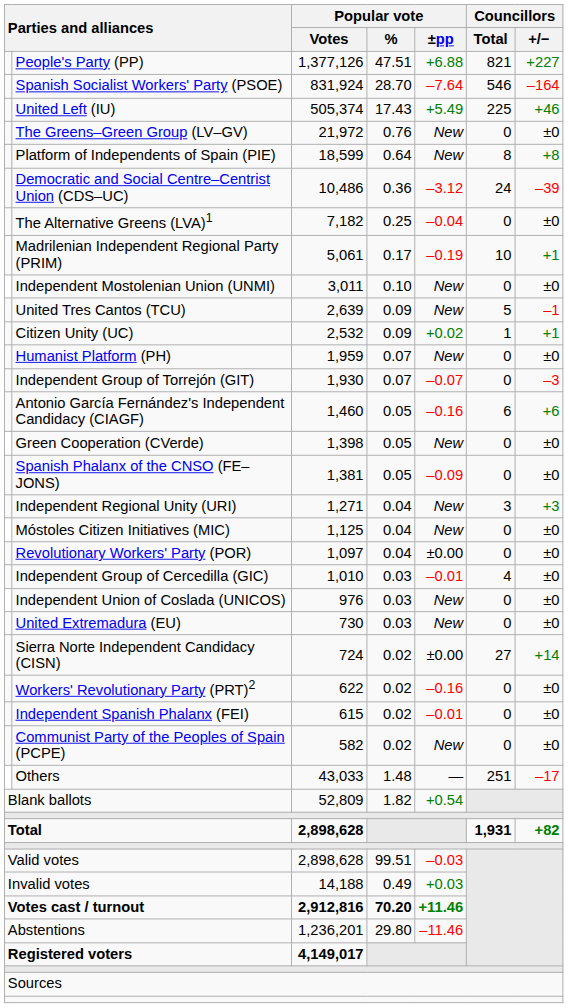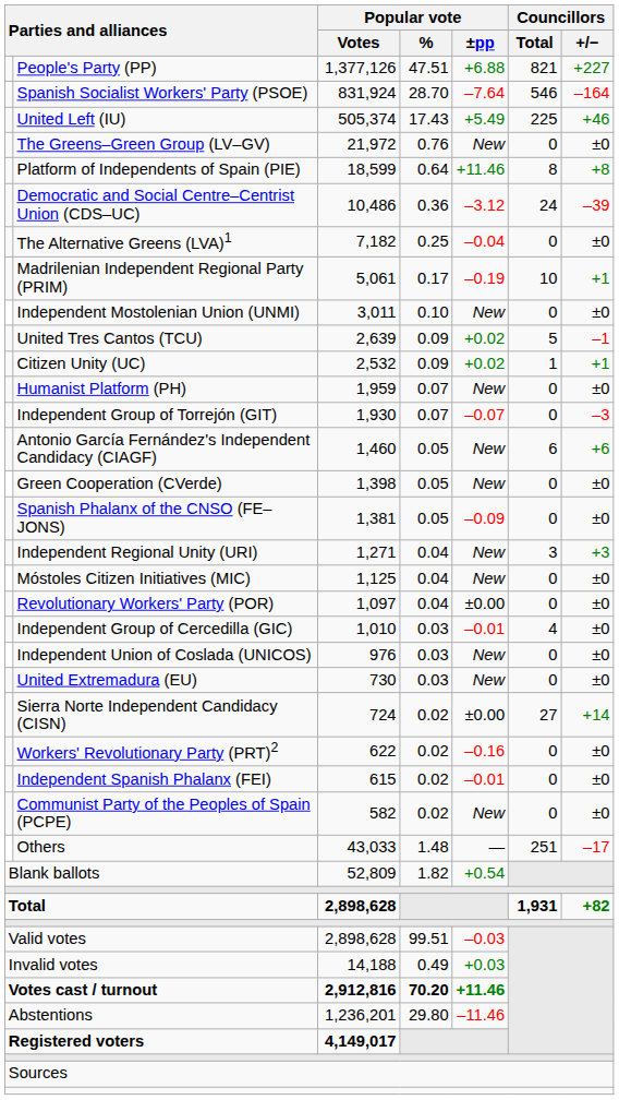 <table class="wikitable" style="text-align:right;">
 <tr>
 <th style="text-align:left;" rowspan="2" colspan="2" width="525">Parties and alliances</th>
 <th colspan="3">Popular vote</th>
 <th colspan="2">Councillors</th>
 </tr>
 <tr>
 <th width="75">Votes</th>
 <th width="45">%</th>
 <th width="45">±<a href='#'>pp</a></th>
 <th width="45">Total</th>
 <th width="45">+/−</th>
 </tr>
 <tr>
 <td width="1" style="color:inherit;background:"></td>
 <td align="left"><a href='#'>People's Party</a> (PP)</td>
 <td>1,377,126</td>
 <td>47.51</td>
 <td style="color:green;">+6.88</td>
 <td>821</td>
 <td style="color:green;">+227</td>
 </tr>
 <tr>
 <td style="color:inherit;background:"></td>
 <td align="left"><a href='#'>Spanish Socialist Workers' Party</a> (PSOE)</td>
 <td>831,924</td>
 <td>28.70</td>
 <td style="color:red;">–7.64</td>
 <td>546</td>
 <td style="color:red;">–164</td>
 </tr>
 <tr>
 <td style="color:inherit;background:"></td>
 <td align="left"><a href='#'>United Left</a> (IU)</td>
 <td>505,374</td>
 <td>17.43</td>
 <td style="color:green;">+5.49</td>
 <td>225</td>
 <td style="color:green;">+46</td>
 </tr>
 <tr>
 <td style="color:inherit;background:"></td>
 <td align="left"><a href='#'>The Greens–Green Group</a> (LV–GV)</td>
 <td>21,972</td>
 <td>0.76</td>
 <td><em>New</em></td>
 <td>0</td>
 <td>±0</td>
 </tr>
 <tr>
 <td style="color:inherit;background:"></td>
 <td align="left">Platform of Independents of Spain (PIE)</td>
 <td>18,599</td>
 <td>0.64</td>
-<td><em>New</em></td>
+<td style="color:green;">+11.46</td>
 <td>8</td>
 <td style="color:green;">+8</td>
 </tr>
 <tr>
 <td style="color:inherit;background:"></td>
 <td align="left"><a href='#'>Democratic and Social Centre–Centrist Union</a> (CDS–UC)</td>
 <td>10,486</td>
 <td>0.36</td>
 <td style="color:red;">–3.12</td>
 <td>24</td>
 <td style="color:red;">–39</td>
 </tr>
 <tr>
 <td style="color:inherit;background:"></td>
 <td align="left">The Alternative Greens (LVA)<sup>1</sup></td>
 <td>7,182</td>
 <td>0.25</td>
 <td style="color:red;">–0.04</td>
 <td>0</td>
 <td>±0</td>
 </tr>
 <tr>
 <td style="color:inherit;background:"></td>
 <td align="left">Madrilenian Independent Regional Party (PRIM)</td>
 <td>5,061</td>
 <td>0.17</td>
 <td style="color:red;">–0.19</td>
 <td>10</td>
 <td style="color:green;">+1</td>
 </tr>
 <tr>
 <td bgcolor="white"></td>
 <td align="left">Independent Mostolenian Union (UNMI)</td>
 <td>3,011</td>
 <td>0.10</td>
 <td><em>New</em></td>
 <td>0</td>
 <td>±0</td>
 </tr>
 <tr>
 <td style="color:inherit;background:"></td>
 <td align="left">United Tres Cantos (TCU)</td>
 <td>2,639</td>
 <td>0.09</td>
-<td><em>New</em></td>
+<td style="color:green;">+0.02</td>
 <td>5</td>
 <td style="color:red;">–1</td>
 </tr>
 <tr>
 <td style="color:inherit;background:"></td>
 <td align="left">Citizen Unity (UC)</td>
 <td>2,532</td>
 <td>0.09</td>
 <td style="color:green;">+0.02</td>
 <td>1</td>
 <td style="color:green;">+1</td>
 </tr>
 <tr>
 <td style="color:inherit;background:"></td>
 <td align="left"><a href='#'>Humanist Platform</a> (PH)</td>
 <td>1,959</td>
 <td>0.07</td>
 <td><em>New</em></td>
 <td>0</td>
 <td>±0</td>
 </tr>
 <tr>
 <td style="color:inherit;background:"></td>
 <td align="left">Independent Group of Torrejón (GIT)</td>
 <td>1,930</td>
 <td>0.07</td>
 <td style="color:red;">–0.07</td>
 <td>0</td>
 <td style="color:red;">–3</td>
 </tr>
 <tr>
 <td style="color:inherit;background:"></td>
 <td align="left">Antonio García Fernández's Independent Candidacy (CIAGF)</td>
 <td>1,460</td>
 <td>0.05</td>
-<td style="color:red;">–0.16</td>
+<td><em>New</em></td>
 <td>6</td>
 <td style="color:green;">+6</td>
 </tr>
 <tr>
 <td bgcolor="white"></td>
 <td align="left">Green Cooperation (CVerde)</td>
 <td>1,398</td>
 <td>0.05</td>
 <td><em>New</em></td>
 <td>0</td>
 <td>±0</td>
 </tr>
 <tr>
 <td style="color:inherit;background:"></td>
 <td align="left"><a href='#'>Spanish Phalanx of the CNSO</a> (FE–JONS)</td>
 <td>1,381</td>
 <td>0.05</td>
 <td style="color:red;">–0.09</td>
 <td>0</td>
 <td>±0</td>
 </tr>
 <tr>
 <td style="color:inherit;background:"></td>
 <td align="left">Independent Regional Unity (URI)</td>
 <td>1,271</td>
 <td>0.04</td>
 <td><em>New</em></td>
 <td>3</td>
 <td style="color:green;">+3</td>
 </tr>
 <tr>
 <td bgcolor="white"></td>
 <td align="left">Móstoles Citizen Initiatives (MIC)</td>
 <td>1,125</td>
 <td>0.04</td>
 <td><em>New</em></td>
 <td>0</td>
 <td>±0</td>
 </tr>
 <tr>
 <td style="color:inherit;background:"></td>
 <td align="left"><a href='#'>Revolutionary Workers' Party</a> (POR)</td>
 <td>1,097</td>
 <td>0.04</td>
 <td>±0.00</td>
 <td>0</td>
 <td>±0</td>
 </tr>
 <tr>
 <td style="color:inherit;background:"></td>
 <td align="left">Independent Group of Cercedilla (GIC)</td>
 <td>1,010</td>
 <td>0.03</td>
 <td style="color:red;">–0.01</td>
 <td>4</td>
 <td>±0</td>
 </tr>
 <tr>
 <td bgcolor="white"></td>
 <td align="left">Independent Union of Coslada (UNICOS)</td>
 <td>976</td>
 <td>0.03</td>
 <td><em>New</em></td>
 <td>0</td>
 <td>±0</td>
 </tr>
 <tr>
 <td style="color:inherit;background:"></td>
 <td align="left"><a href='#'>United Extremadura</a> (EU)</td>
 <td>730</td>
 <td>0.03</td>
 <td><em>New</em></td>
 <td>0</td>
 <td>±0</td>
 </tr>
 <tr>
 <td style="color:inherit;background:"></td>
 <td align="left">Sierra Norte Independent Candidacy (CISN)</td>
 <td>724</td>
 <td>0.02</td>
 <td>±0.00</td>
 <td>27</td>
 <td style="color:green;">+14</td>
 </tr>
 <tr>
 <td style="color:inherit;background:"></td>
 <td align="left"><a href='#'>Workers' Revolutionary Party</a> (PRT)<sup>2</sup></td>
 <td>622</td>
 <td>0.02</td>
 <td style="color:red;">–0.16</td>
 <td>0</td>
 <td>±0</td>
 </tr>
 <tr>
 <td style="color:inherit;background:"></td>
 <td align="left"><a href='#'>Independent Spanish Phalanx</a> (FEI)</td>
 <td>615</td>
 <td>0.02</td>
 <td style="color:red;">–0.01</td>
 <td>0</td>
 <td>±0</td>
 </tr>
 <tr>
 <td style="color:inherit;background:"></td>
 <td align="left"><a href='#'>Communist Party of the Peoples of Spain</a> (PCPE)</td>
 <td>582</td>
 <td>0.02</td>
 <td><em>New</em></td>
 <td>0</td>
 <td>±0</td>
 </tr>
 <tr>
 <td bgcolor="white"></td>
 <td align="left">Others</td>
 <td>43,033</td>
 <td>1.48</td>
 <td>—</td>
 <td>251</td>
 <td style="color:red;">–17</td>
 </tr>
 <tr>
 <td align="left" colspan="2">Blank ballots</td>
 <td>52,809</td>
 <td>1.82</td>
 <td style="color:green;">+0.54</td>
 <td bgcolor="#E9E9E9" colspan="2"></td>
 </tr>
 <tr>
 <td colspan="7" bgcolor="#E9E9E9"></td>
 </tr>
 <tr style="font-weight:bold;">
 <td align="left" colspan="2">Total</td>
 <td>2,898,628</td>
 <td bgcolor="#E9E9E9" colspan="2"></td>
 <td>1,931</td>
 <td style="color:green;">+82</td>
 </tr>
 <tr>
 <td colspan="7" bgcolor="#E9E9E9"></td>
 </tr>
 <tr>
 <td align="left" colspan="2">Valid votes</td>
 <td>2,898,628</td>
 <td>99.51</td>
 <td style="color:red;">–0.03</td>
 <td bgcolor="#E9E9E9" colspan="2" rowspan="5"></td>
 </tr>
 <tr>
 <td align="left" colspan="2">Invalid votes</td>
 <td>14,188</td>
 <td>0.49</td>
 <td style="color:green;">+0.03</td>
 </tr>
 <tr style="font-weight:bold;">
 <td align="left" colspan="2">Votes cast / turnout</td>
 <td>2,912,816</td>
 <td>70.20</td>
 <td style="color:green;">+11.46</td>
 </tr>
 <tr>
 <td align="left" colspan="2">Abstentions</td>
 <td>1,236,201</td>
 <td>29.80</td>
 <td style="color:red;">–11.46</td>
 </tr>
 <tr style="font-weight:bold;">
 <td align="left" colspan="2">Registered voters</td>
 <td>4,149,017</td>
 <td bgcolor="#E9E9E9" colspan="2"></td>
 </tr>
 <tr>
 <td colspan="7" bgcolor="#E9E9E9"></td>
 </tr>
 <tr>
 <td align="left" colspan="7">Sources</td>
 </tr>
 <tr>
 <td colspan="7" style="text-align:left; max-width:790px;"></td>
 </tr>
 </table>
